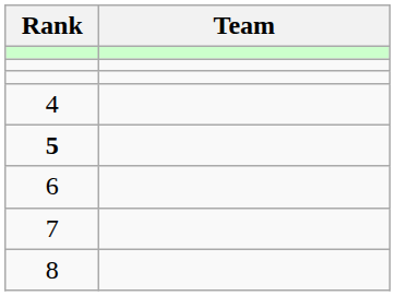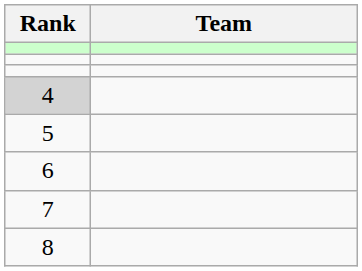 <table class="wikitable" style="text-align: center">
 <tr>
 <th width=50>Rank</th>
 <th width=170>Team</th>
 </tr>
 <tr bgcolor=#ccffcc>
 <td></td>
 <td align=left></td>
 </tr>
 <tr>
 <td></td>
 <td align=left></td>
 </tr>
 <tr>
 <td></td>
 <td align=left></td>
 </tr>
 <tr>
-<td>4</td>
+<td style="background: lightgrey;">4</td>
 <td align=left></td>
 </tr>
 <tr>
-<td><strong>5</strong></td>
+<td>5</td>
 <td align=left></td>
 </tr>
 <tr>
 <td>6</td>
 <td align=left></td>
 </tr>
 <tr>
 <td>7</td>
 <td align=left></td>
 </tr>
 <tr>
 <td>8</td>
 <td align=left></td>
 </tr>
 </table>
